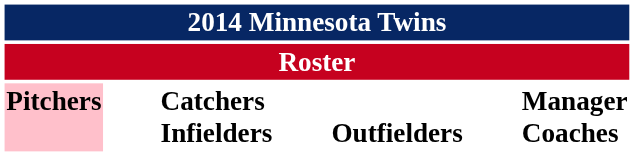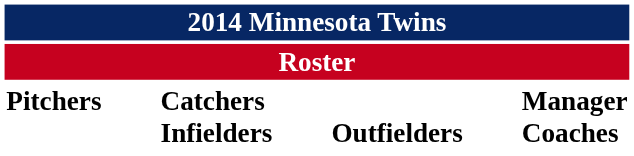 <table class="toccolours" style="font-size: 95%;">
 <tr>
 <th colspan="10" style="background:#072764; color:#fff; text-align:center;">2014 Minnesota Twins</th>
 </tr>
 <tr>
 <td colspan="10" style="background:#c6011f; color:white; text-align:center;"><strong>Roster</strong></td>
 </tr>
 <tr>
-<td valign="top" style="background: pink;"><strong>Pitchers</strong><br>                      </td>
+<td valign="top"><strong>Pitchers</strong><br>                      </td>
 <td style="width:25px;"></td>
 <td valign="top"><strong>Catchers</strong><br>   <strong>Infielders</strong>            </td>
 <td style="width:25px;"></td>
 <td valign="top"><br><strong>Outfielders</strong>          </td>
 <td style="width:25px;"></td>
 <td valign="top"><strong>Manager</strong><br> <strong>Coaches</strong>                </td>
 </tr>
 </table>
